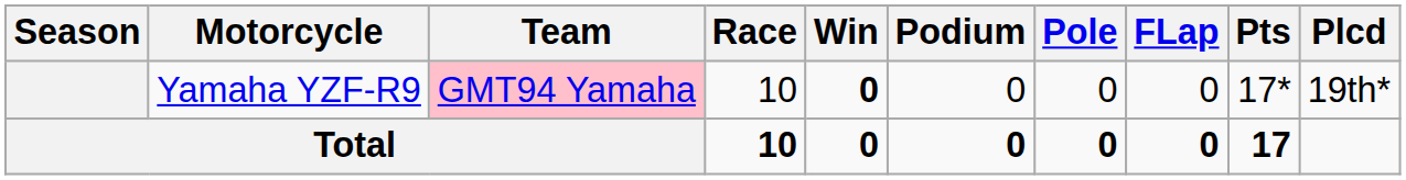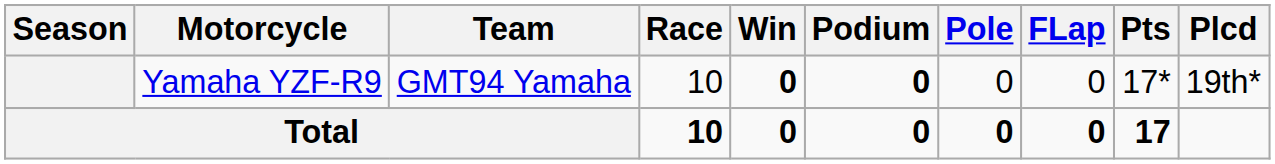 <table class="wikitable" style="text-align:right;">
 <tr>
 <th>Season</th>
 <th>Motorcycle</th>
 <th>Team</th>
 <th>Race</th>
 <th>Win</th>
 <th>Podium</th>
 <th><a href='#'>Pole</a></th>
 <th><a href='#'>FLap</a></th>
 <th>Pts</th>
 <th>Plcd</th>
 </tr>
 <tr>
 <th></th>
 <td><a href='#'>Yamaha YZF-R9</a></td>
-<td style="background: pink;"><a href='#'>GMT94 Yamaha</a></td>
+<td><a href='#'>GMT94 Yamaha</a></td>
 <td>10</td>
 <td><strong>0</strong></td>
-<td>0</td>
+<td><strong>0</strong></td>
 <td>0</td>
 <td>0</td>
 <td>17*</td>
 <td>19th*</td>
 </tr>
 <tr>
 <th colspan="3">Total</th>
 <td><strong>10</strong></td>
 <td><strong>0</strong></td>
 <td><strong>0</strong></td>
 <td><strong>0</strong></td>
 <td><strong>0</strong></td>
 <td><strong>17</strong></td>
 <td></td>
 </tr>
 </table>
